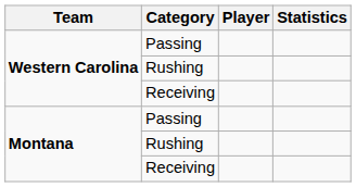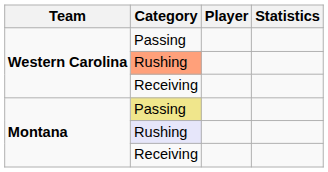 <table class="wikitable" style="float: right;">
 <tr>
 <th>Team</th>
 <th>Category</th>
 <th>Player</th>
 <th>Statistics</th>
 </tr>
 <tr>
 <td rowspan=3><strong>Western Carolina</strong></td>
 <td>Passing</td>
 <td></td>
 <td></td>
 </tr>
 <tr>
-<td>Rushing</td>
+<td style="background: lightsalmon;">Rushing</td>
 <td></td>
 <td></td>
 </tr>
 <tr>
 <td>Receiving</td>
 <td></td>
 <td></td>
 </tr>
 <tr>
 <td rowspan=3><strong>Montana</strong></td>
-<td>Passing</td>
+<td style="background: khaki;">Passing</td>
 <td></td>
 <td></td>
 </tr>
 <tr>
-<td>Rushing</td>
+<td style="background: lavender;">Rushing</td>
 <td></td>
 <td></td>
 </tr>
 <tr>
 <td>Receiving</td>
 <td></td>
 <td></td>
 </tr>
 </table>
